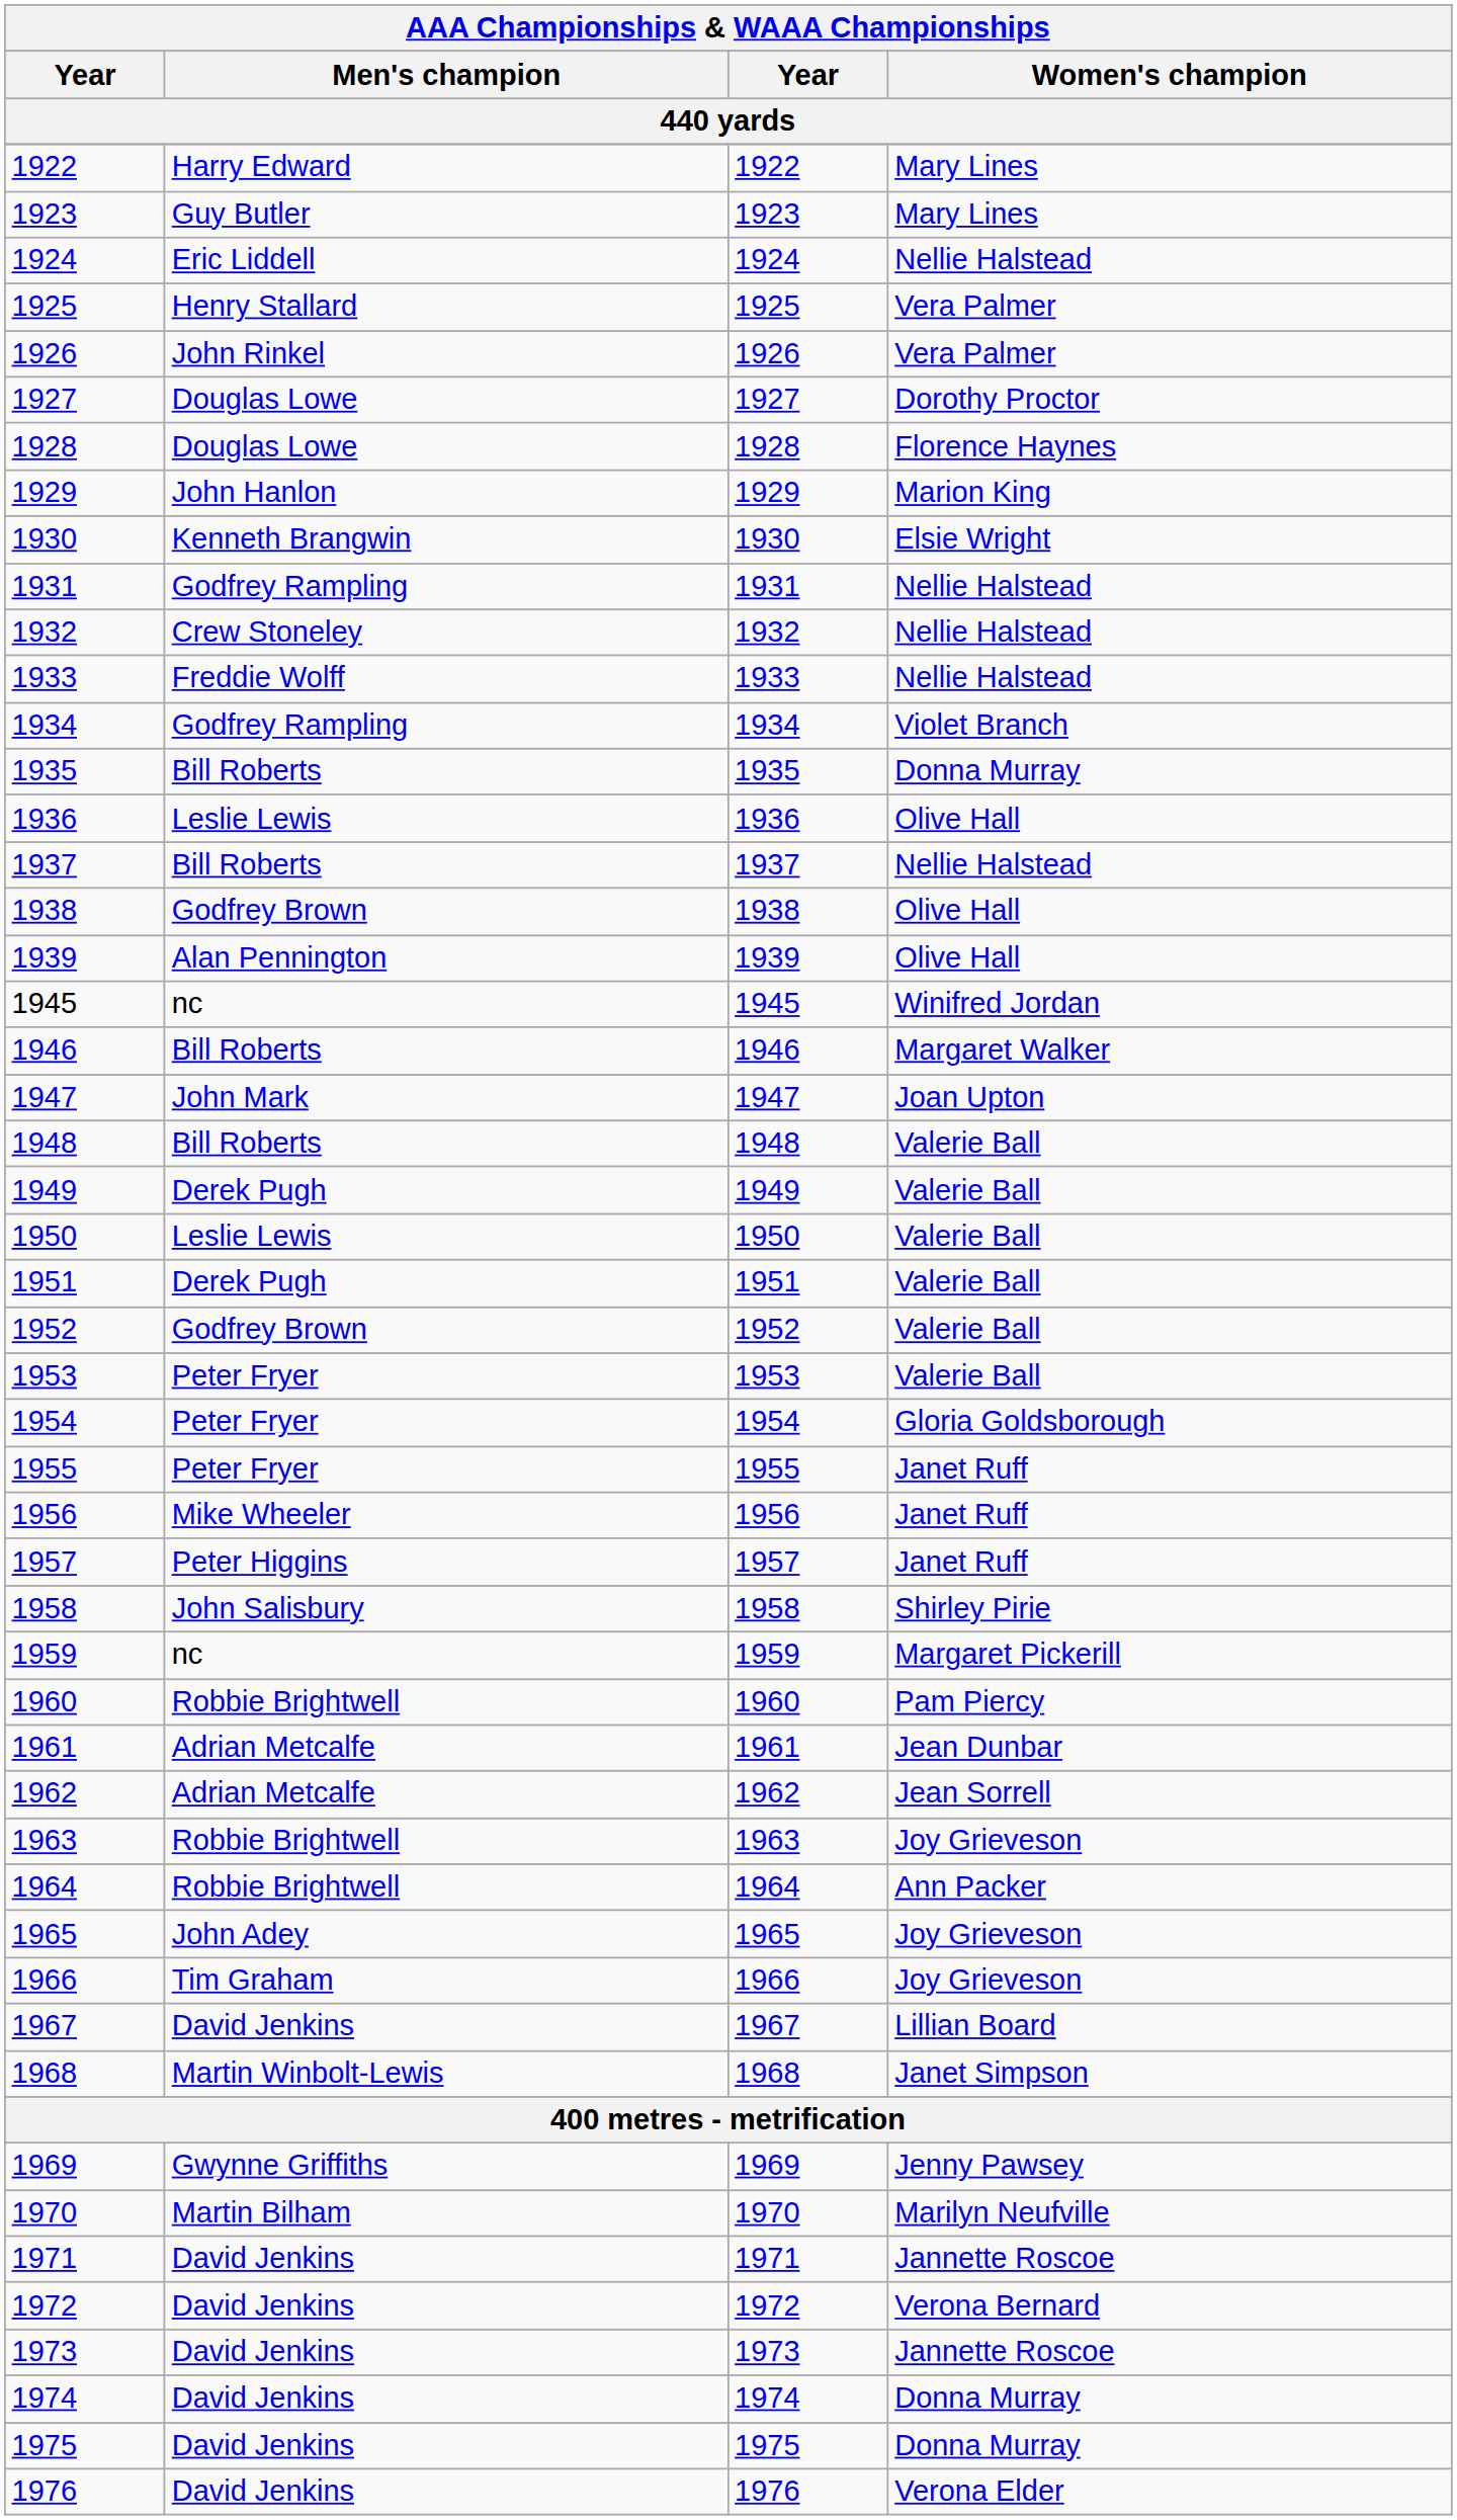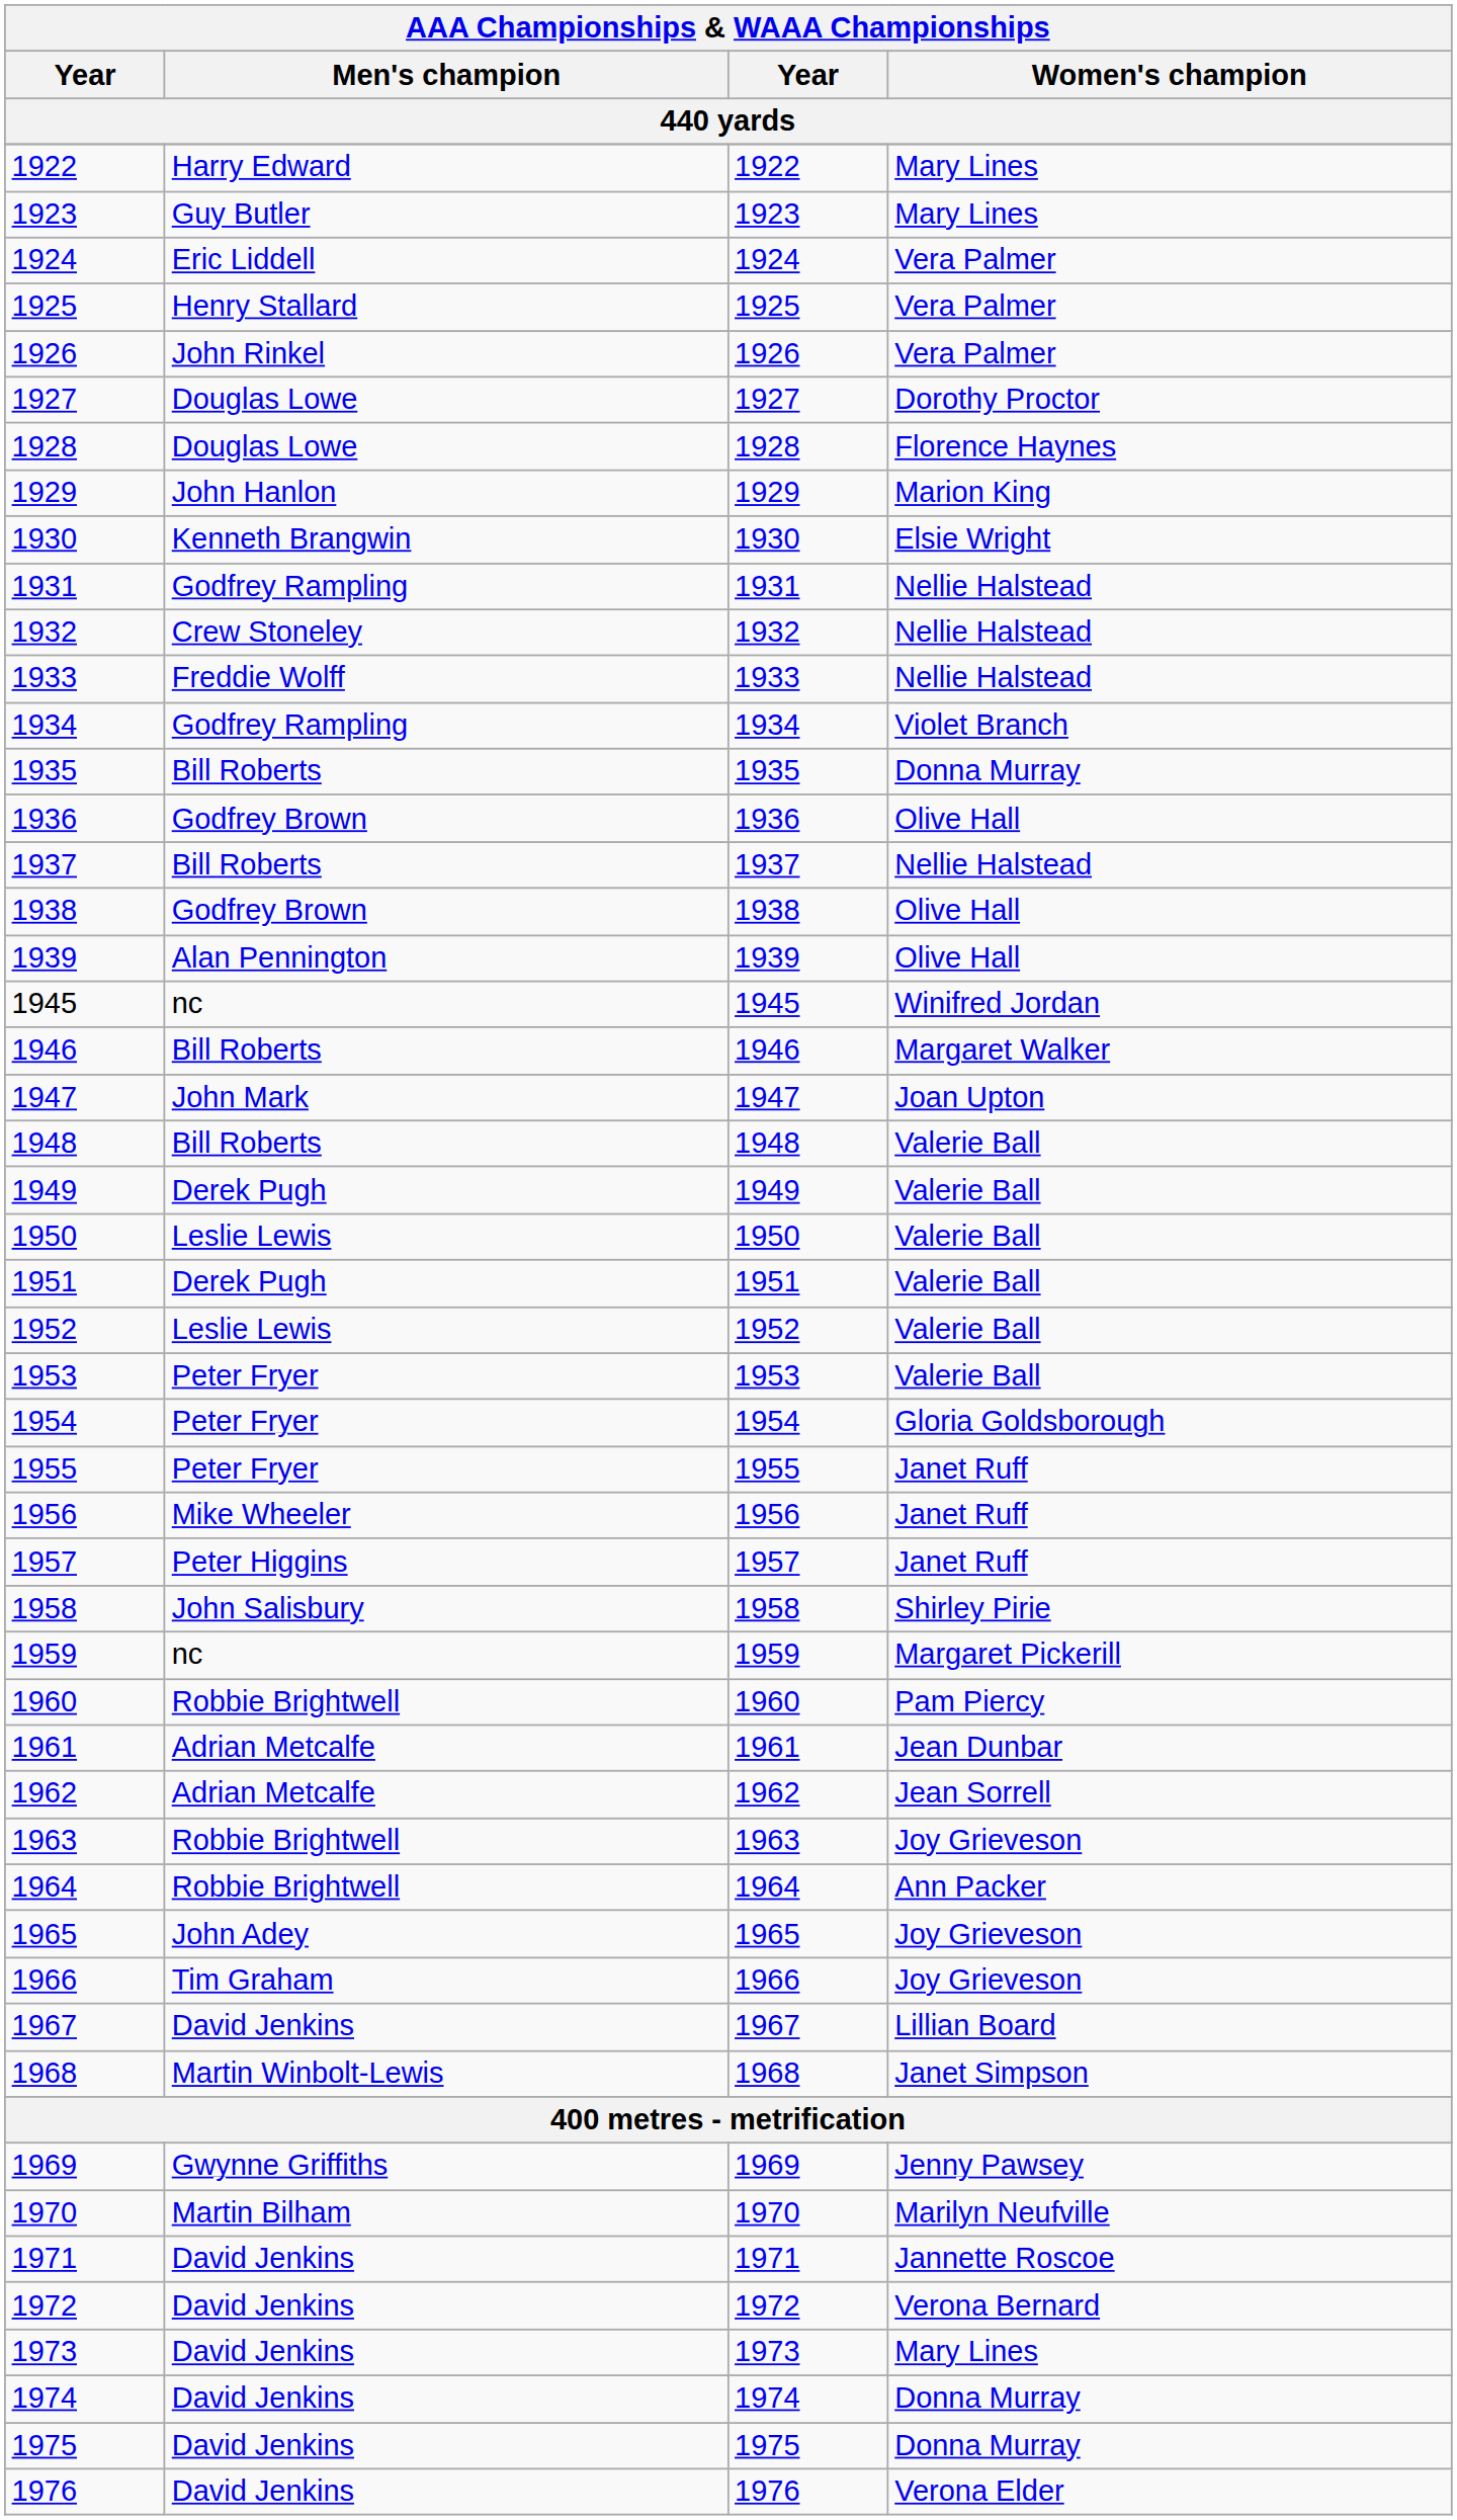 <table class="wikitable">
 <tr>
 <th colspan="4"><a href='#'>AAA Championships</a> & <a href='#'>WAAA Championships</a></th>
 </tr>
 <tr>
 <th width=80>Year</th>
 <th width=300>Men's champion</th>
 <th width=80>Year</th>
 <th width=300>Women's champion</th>
 </tr>
 <tr>
 <th colspan="4"><strong>440 yards</strong></th>
 </tr>
 <tr>
 </tr>
 <tr>
 <td><a href='#'>1922</a></td>
 <td><a href='#'>Harry Edward</a></td>
 <td><a href='#'>1922</a></td>
 <td><a href='#'>Mary Lines</a></td>
 </tr>
 <tr>
 <td><a href='#'>1923</a></td>
 <td><a href='#'>Guy Butler</a></td>
 <td><a href='#'>1923</a></td>
 <td><a href='#'>Mary Lines</a></td>
 </tr>
 <tr>
 <td><a href='#'>1924</a></td>
 <td><a href='#'>Eric Liddell</a></td>
 <td><a href='#'>1924</a></td>
-<td><a href='#'>Nellie Halstead</a></td>
+<td><a href='#'>Vera Palmer</a></td>
 </tr>
 <tr>
 <td><a href='#'>1925</a></td>
 <td><a href='#'>Henry Stallard</a></td>
 <td><a href='#'>1925</a></td>
 <td><a href='#'>Vera Palmer</a></td>
 </tr>
 <tr>
 <td><a href='#'>1926</a></td>
 <td><a href='#'>John Rinkel</a></td>
 <td><a href='#'>1926</a></td>
 <td><a href='#'>Vera Palmer</a></td>
 </tr>
 <tr>
 <td><a href='#'>1927</a></td>
 <td><a href='#'>Douglas Lowe</a></td>
 <td><a href='#'>1927</a></td>
 <td><a href='#'>Dorothy Proctor</a></td>
 </tr>
 <tr>
 <td><a href='#'>1928</a></td>
 <td><a href='#'>Douglas Lowe</a></td>
 <td><a href='#'>1928</a></td>
 <td><a href='#'>Florence Haynes</a></td>
 </tr>
 <tr>
 <td><a href='#'>1929</a></td>
 <td><a href='#'>John Hanlon</a></td>
 <td><a href='#'>1929</a></td>
 <td><a href='#'>Marion King</a></td>
 </tr>
 <tr>
 <td><a href='#'>1930</a></td>
 <td><a href='#'>Kenneth Brangwin</a></td>
 <td><a href='#'>1930</a></td>
 <td><a href='#'>Elsie Wright</a></td>
 </tr>
 <tr>
 <td><a href='#'>1931</a></td>
 <td><a href='#'>Godfrey Rampling</a></td>
 <td><a href='#'>1931</a></td>
 <td><a href='#'>Nellie Halstead</a></td>
 </tr>
 <tr>
 <td><a href='#'>1932</a></td>
 <td><a href='#'>Crew Stoneley</a></td>
 <td><a href='#'>1932</a></td>
 <td><a href='#'>Nellie Halstead</a></td>
 </tr>
 <tr>
 <td><a href='#'>1933</a></td>
 <td><a href='#'>Freddie Wolff</a></td>
 <td><a href='#'>1933</a></td>
 <td><a href='#'>Nellie Halstead</a></td>
 </tr>
 <tr>
 <td><a href='#'>1934</a></td>
 <td><a href='#'>Godfrey Rampling</a></td>
 <td><a href='#'>1934</a></td>
 <td><a href='#'>Violet Branch</a></td>
 </tr>
 <tr>
 <td><a href='#'>1935</a></td>
 <td><a href='#'>Bill Roberts</a></td>
 <td><a href='#'>1935</a></td>
 <td><a href='#'>Donna Murray</a></td>
 </tr>
 <tr>
 <td><a href='#'>1936</a></td>
-<td><a href='#'>Leslie Lewis</a></td>
+<td><a href='#'>Godfrey Brown</a></td>
 <td><a href='#'>1936</a></td>
 <td><a href='#'>Olive Hall</a></td>
 </tr>
 <tr>
 <td><a href='#'>1937</a></td>
 <td><a href='#'>Bill Roberts</a></td>
 <td><a href='#'>1937</a></td>
 <td><a href='#'>Nellie Halstead</a></td>
 </tr>
 <tr>
 <td><a href='#'>1938</a></td>
 <td><a href='#'>Godfrey Brown</a></td>
 <td><a href='#'>1938</a></td>
 <td><a href='#'>Olive Hall</a></td>
 </tr>
 <tr>
 <td><a href='#'>1939</a></td>
 <td><a href='#'>Alan Pennington</a></td>
 <td><a href='#'>1939</a></td>
 <td><a href='#'>Olive Hall</a></td>
 </tr>
 <tr>
 <td>1945</td>
 <td>nc</td>
 <td><a href='#'>1945</a></td>
 <td><a href='#'>Winifred Jordan</a></td>
 </tr>
 <tr>
 <td><a href='#'>1946</a></td>
 <td><a href='#'>Bill Roberts</a></td>
 <td><a href='#'>1946</a></td>
 <td><a href='#'>Margaret Walker</a></td>
 </tr>
 <tr>
 <td><a href='#'>1947</a></td>
 <td><a href='#'>John Mark</a></td>
 <td><a href='#'>1947</a></td>
 <td><a href='#'>Joan Upton</a></td>
 </tr>
 <tr>
 <td><a href='#'>1948</a></td>
 <td><a href='#'>Bill Roberts</a></td>
 <td><a href='#'>1948</a></td>
 <td><a href='#'>Valerie Ball</a></td>
 </tr>
 <tr>
 <td><a href='#'>1949</a></td>
 <td><a href='#'>Derek Pugh</a></td>
 <td><a href='#'>1949</a></td>
 <td><a href='#'>Valerie Ball</a></td>
 </tr>
 <tr>
 <td><a href='#'>1950</a></td>
 <td><a href='#'>Leslie Lewis</a></td>
 <td><a href='#'>1950</a></td>
 <td><a href='#'>Valerie Ball</a></td>
 </tr>
 <tr>
 <td><a href='#'>1951</a></td>
 <td><a href='#'>Derek Pugh</a></td>
 <td><a href='#'>1951</a></td>
 <td><a href='#'>Valerie Ball</a></td>
 </tr>
 <tr>
 <td><a href='#'>1952</a></td>
-<td><a href='#'>Godfrey Brown</a></td>
+<td><a href='#'>Leslie Lewis</a></td>
 <td><a href='#'>1952</a></td>
 <td><a href='#'>Valerie Ball</a></td>
 </tr>
 <tr>
 <td><a href='#'>1953</a></td>
 <td><a href='#'>Peter Fryer</a></td>
 <td><a href='#'>1953</a></td>
 <td><a href='#'>Valerie Ball</a></td>
 </tr>
 <tr>
 <td><a href='#'>1954</a></td>
 <td><a href='#'>Peter Fryer</a></td>
 <td><a href='#'>1954</a></td>
 <td><a href='#'>Gloria Goldsborough</a></td>
 </tr>
 <tr>
 <td><a href='#'>1955</a></td>
 <td><a href='#'>Peter Fryer</a></td>
 <td><a href='#'>1955</a></td>
 <td><a href='#'>Janet Ruff</a></td>
 </tr>
 <tr>
 <td><a href='#'>1956</a></td>
 <td><a href='#'>Mike Wheeler</a></td>
 <td><a href='#'>1956</a></td>
 <td><a href='#'>Janet Ruff</a></td>
 </tr>
 <tr>
 <td><a href='#'>1957</a></td>
 <td><a href='#'>Peter Higgins</a></td>
 <td><a href='#'>1957</a></td>
 <td><a href='#'>Janet Ruff</a></td>
 </tr>
 <tr>
 <td><a href='#'>1958</a></td>
 <td><a href='#'>John Salisbury</a></td>
 <td><a href='#'>1958</a></td>
 <td><a href='#'>Shirley Pirie</a></td>
 </tr>
 <tr>
 <td><a href='#'>1959</a></td>
 <td>nc</td>
 <td><a href='#'>1959</a></td>
 <td><a href='#'>Margaret Pickerill</a></td>
 </tr>
 <tr>
 <td><a href='#'>1960</a></td>
 <td><a href='#'>Robbie Brightwell</a></td>
 <td><a href='#'>1960</a></td>
 <td><a href='#'>Pam Piercy</a></td>
 </tr>
 <tr>
 <td><a href='#'>1961</a></td>
 <td><a href='#'>Adrian Metcalfe</a></td>
 <td><a href='#'>1961</a></td>
 <td><a href='#'>Jean Dunbar</a></td>
 </tr>
 <tr>
 <td><a href='#'>1962</a></td>
 <td><a href='#'>Adrian Metcalfe</a></td>
 <td><a href='#'>1962</a></td>
 <td><a href='#'>Jean Sorrell</a></td>
 </tr>
 <tr>
 <td><a href='#'>1963</a></td>
 <td><a href='#'>Robbie Brightwell</a></td>
 <td><a href='#'>1963</a></td>
 <td><a href='#'>Joy Grieveson</a></td>
 </tr>
 <tr>
 <td><a href='#'>1964</a></td>
 <td><a href='#'>Robbie Brightwell</a></td>
 <td><a href='#'>1964</a></td>
 <td><a href='#'>Ann Packer</a></td>
 </tr>
 <tr>
 <td><a href='#'>1965</a></td>
 <td><a href='#'>John Adey</a></td>
 <td><a href='#'>1965</a></td>
 <td><a href='#'>Joy Grieveson</a></td>
 </tr>
 <tr>
 <td><a href='#'>1966</a></td>
 <td><a href='#'>Tim Graham</a></td>
 <td><a href='#'>1966</a></td>
 <td><a href='#'>Joy Grieveson</a></td>
 </tr>
 <tr>
 <td><a href='#'>1967</a></td>
 <td><a href='#'>David Jenkins</a></td>
 <td><a href='#'>1967</a></td>
 <td><a href='#'>Lillian Board</a></td>
 </tr>
 <tr>
 <td><a href='#'>1968</a></td>
 <td><a href='#'>Martin Winbolt-Lewis</a></td>
 <td><a href='#'>1968</a></td>
 <td><a href='#'>Janet Simpson</a></td>
 </tr>
 <tr>
 <th colspan="4"><strong>400 metres - metrification</strong></th>
 </tr>
 <tr>
 <td><a href='#'>1969</a></td>
 <td><a href='#'>Gwynne Griffiths</a></td>
 <td><a href='#'>1969</a></td>
 <td><a href='#'>Jenny Pawsey</a></td>
 </tr>
 <tr>
 <td><a href='#'>1970</a></td>
 <td><a href='#'>Martin Bilham</a></td>
 <td><a href='#'>1970</a></td>
 <td><a href='#'>Marilyn Neufville</a></td>
 </tr>
 <tr>
 <td><a href='#'>1971</a></td>
 <td><a href='#'>David Jenkins</a></td>
 <td><a href='#'>1971</a></td>
 <td><a href='#'>Jannette Roscoe</a></td>
 </tr>
 <tr>
 <td><a href='#'>1972</a></td>
 <td><a href='#'>David Jenkins</a></td>
 <td><a href='#'>1972</a></td>
 <td><a href='#'>Verona Bernard</a></td>
 </tr>
 <tr>
 <td><a href='#'>1973</a></td>
 <td><a href='#'>David Jenkins</a></td>
 <td><a href='#'>1973</a></td>
-<td><a href='#'>Jannette Roscoe</a></td>
+<td><a href='#'>Mary Lines</a></td>
 </tr>
 <tr>
 <td><a href='#'>1974</a></td>
 <td><a href='#'>David Jenkins</a></td>
 <td><a href='#'>1974</a></td>
 <td><a href='#'>Donna Murray</a></td>
 </tr>
 <tr>
 <td><a href='#'>1975</a></td>
 <td><a href='#'>David Jenkins</a></td>
 <td><a href='#'>1975</a></td>
 <td><a href='#'>Donna Murray</a></td>
 </tr>
 <tr>
 <td><a href='#'>1976</a></td>
 <td><a href='#'>David Jenkins</a></td>
 <td><a href='#'>1976</a></td>
 <td><a href='#'>Verona Elder</a></td>
 </tr>
 </table>
